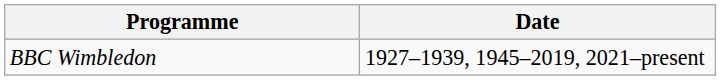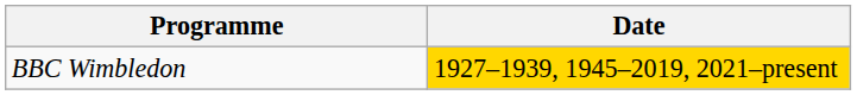 <table class="wikitable">
 <tr>
 <th width=250>Programme</th>
 <th width=250>Date</th>
 </tr>
 <tr>
 <td><em>BBC Wimbledon</em></td>
-<td>1927–1939, 1945–2019, 2021–present</td>
+<td style="background: gold;">1927–1939, 1945–2019, 2021–present</td>
 </tr>
 </table>
